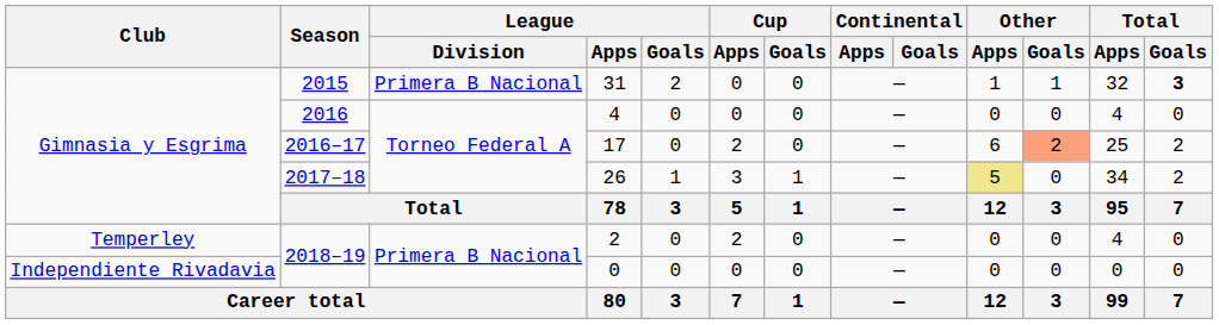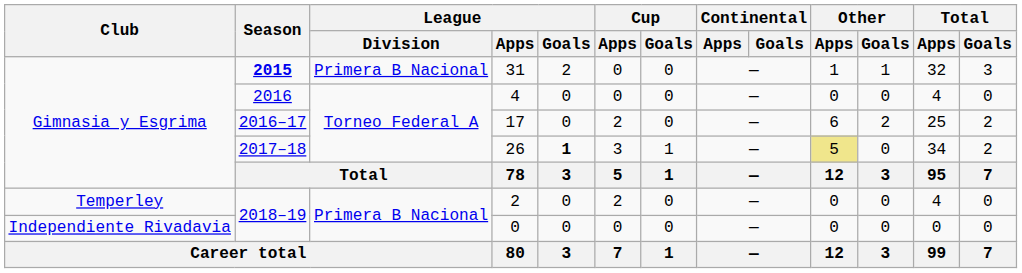 <table class="wikitable" style="text-align:center">
 <tr>
 <th rowspan="2">Club</th>
 <th rowspan="2">Season</th>
 <th colspan="3">League</th>
 <th colspan="2">Cup</th>
 <th colspan="2">Continental</th>
 <th colspan="2">Other</th>
 <th colspan="2">Total</th>
 </tr>
 <tr>
 <th>Division</th>
 <th>Apps</th>
 <th>Goals</th>
 <th>Apps</th>
 <th>Goals</th>
 <th>Apps</th>
 <th>Goals</th>
 <th>Apps</th>
 <th>Goals</th>
 <th>Apps</th>
 <th>Goals</th>
 </tr>
 <tr>
 <td rowspan="5"><a href='#'>Gimnasia y Esgrima</a></td>
-<td><a href='#'>2015</a></td>
+<td><strong><a href='#'>2015</a></strong></td>
 <td rowspan="1"><a href='#'>Primera B Nacional</a></td>
 <td>31</td>
 <td>2</td>
 <td>0</td>
 <td>0</td>
 <td colspan="2">—</td>
 <td>1</td>
 <td>1</td>
 <td>32</td>
-<td><strong>3</strong></td>
+<td>3</td>
 </tr>
 <tr>
 <td><a href='#'>2016</a></td>
 <td rowspan="3"><a href='#'>Torneo Federal A</a></td>
 <td>4</td>
 <td>0</td>
 <td>0</td>
 <td>0</td>
 <td colspan="2">—</td>
 <td>0</td>
 <td>0</td>
 <td>4</td>
 <td>0</td>
 </tr>
 <tr>
 <td><a href='#'>2016–17</a></td>
 <td>17</td>
 <td>0</td>
 <td>2</td>
 <td>0</td>
 <td colspan="2">—</td>
 <td>6</td>
-<td style="background: lightsalmon;">2</td>
+<td>2</td>
 <td>25</td>
 <td>2</td>
 </tr>
 <tr>
 <td><a href='#'>2017–18</a></td>
 <td>26</td>
-<td>1</td>
+<td><strong>1</strong></td>
 <td>3</td>
 <td>1</td>
 <td colspan="2">—</td>
 <td style="background: khaki;">5</td>
 <td>0</td>
 <td>34</td>
 <td>2</td>
 </tr>
 <tr>
 <th colspan="2">Total</th>
 <th>78</th>
 <th>3</th>
 <th>5</th>
 <th>1</th>
 <th colspan="2">—</th>
 <th>12</th>
 <th>3</th>
 <th>95</th>
 <th>7</th>
 </tr>
 <tr>
 <td rowspan="1"><a href='#'>Temperley</a></td>
 <td rowspan="2"><a href='#'>2018–19</a></td>
 <td rowspan="2"><a href='#'>Primera B Nacional</a></td>
 <td>2</td>
 <td>0</td>
 <td>2</td>
 <td>0</td>
 <td colspan="2">—</td>
 <td>0</td>
 <td>0</td>
 <td>4</td>
 <td>0</td>
 </tr>
 <tr>
 <td rowspan="1"><a href='#'>Independiente Rivadavia</a></td>
 <td>0</td>
 <td>0</td>
 <td>0</td>
 <td>0</td>
 <td colspan="2">—</td>
 <td>0</td>
 <td>0</td>
 <td>0</td>
 <td>0</td>
 </tr>
 <tr>
 <th colspan="3">Career total</th>
 <th>80</th>
 <th>3</th>
 <th>7</th>
 <th>1</th>
 <th colspan="2">—</th>
 <th>12</th>
 <th>3</th>
 <th>99</th>
 <th>7</th>
 </tr>
 </table>
